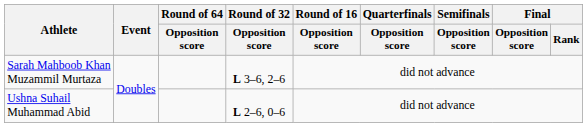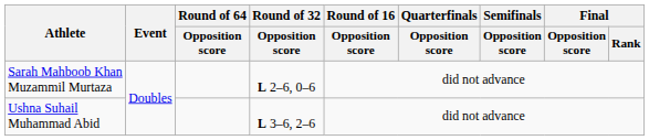 <table class=wikitable style="font-size:90%; text-align:center;">
 <tr>
 <th rowspan="2">Athlete</th>
 <th rowspan="2">Event</th>
 <th>Round of 64</th>
 <th>Round of 32</th>
 <th>Round of 16</th>
 <th>Quarterfinals</th>
 <th>Semifinals</th>
 <th colspan=2>Final</th>
 </tr>
 <tr style="font-size:95%">
 <th>Opposition<br> score</th>
 <th>Opposition<br> score</th>
 <th>Opposition<br> score</th>
 <th>Opposition<br> score</th>
 <th>Opposition<br> score</th>
 <th>Opposition<br> score</th>
 <th>Rank</th>
 </tr>
 <tr>
 <td align=left><a href='#'>Sarah Mahboob Khan</a><br>Muzammil Murtaza</td>
 <td align=left rowspan=2><a href='#'>Doubles</a></td>
 <td></td>
-<td><br><strong>L</strong> 3–6, 2–6</td>
+<td><br><strong>L</strong> 2–6, 0–6</td>
 <td colspan=5>did not advance</td>
 </tr>
 <tr>
 <td align=left><a href='#'>Ushna Suhail</a><br>Muhammad Abid</td>
 <td></td>
-<td><br><strong>L</strong> 2–6, 0–6</td>
+<td><br><strong>L</strong> 3–6, 2–6</td>
 <td colspan=5>did not advance</td>
 </tr>
 </table>
